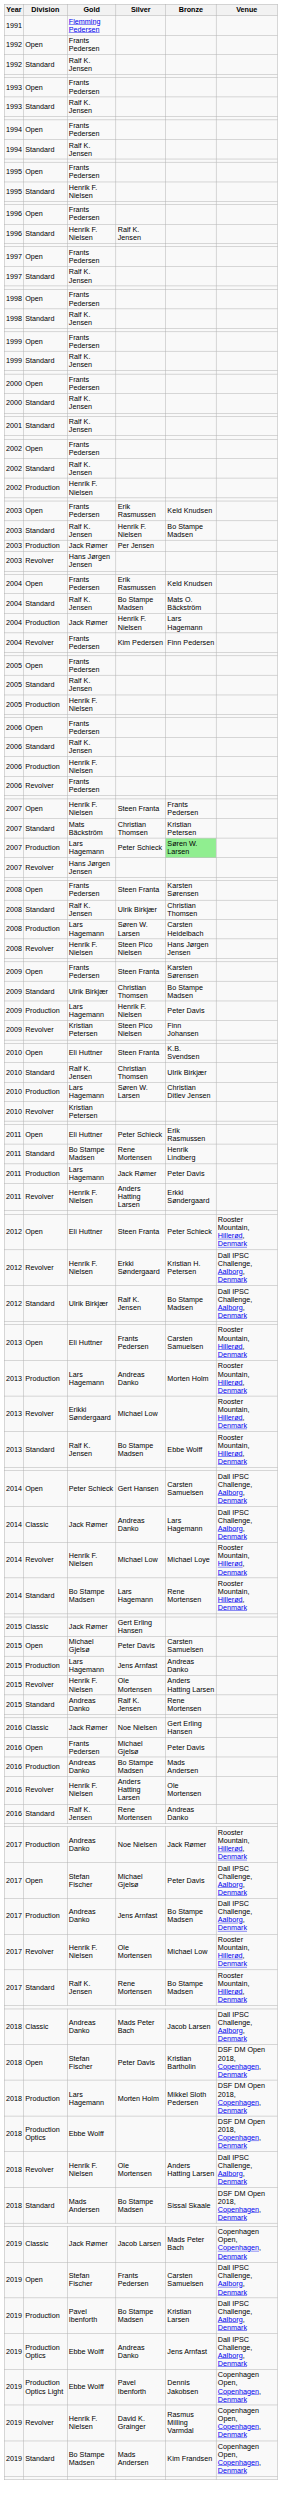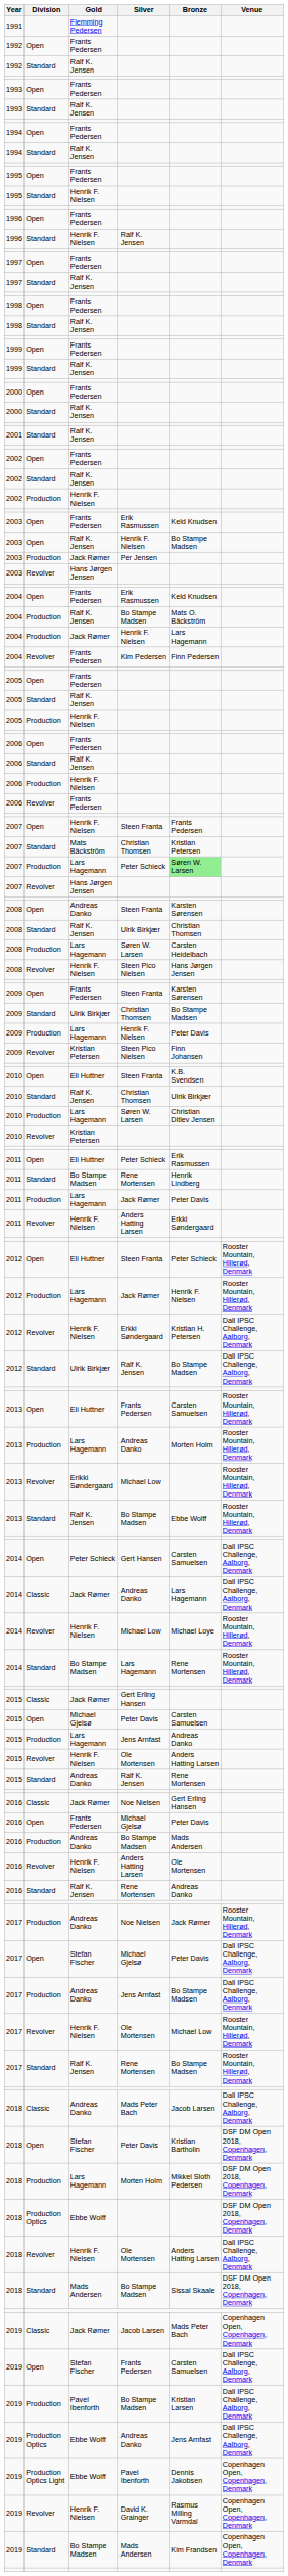 <table class="wikitable sortable" style="text-align: left;">
 <tr>
 <th>Year</th>
 <th>Division</th>
 <th> Gold</th>
 <th> Silver</th>
 <th> Bronze</th>
 <th>Venue</th>
 </tr>
 <tr>
 <td>1991</td>
 <td></td>
 <td><a href='#'>Flemming Pedersen</a></td>
 <td></td>
 <td></td>
 <td></td>
 </tr>
 <tr>
 <td>1992</td>
 <td>Open</td>
 <td>Frants Pedersen</td>
 <td></td>
 <td></td>
 <td></td>
 </tr>
 <tr>
 <td>1992</td>
 <td>Standard</td>
 <td>Ralf K. Jensen</td>
 <td></td>
 <td></td>
 <td></td>
 </tr>
 <tr>
 <td></td>
 <td></td>
 <td></td>
 <td></td>
 <td></td>
 <td></td>
 </tr>
 <tr>
 <td>1993</td>
 <td>Open</td>
 <td>Frants Pedersen</td>
 <td></td>
 <td></td>
 <td></td>
 </tr>
 <tr>
 <td>1993</td>
 <td>Standard</td>
 <td>Ralf K. Jensen</td>
 <td></td>
 <td></td>
 <td></td>
 </tr>
 <tr>
 <td></td>
 <td></td>
 <td></td>
 <td></td>
 <td></td>
 <td></td>
 </tr>
 <tr>
 <td>1994</td>
 <td>Open</td>
 <td>Frants Pedersen</td>
 <td></td>
 <td></td>
 <td></td>
 </tr>
 <tr>
 <td>1994</td>
 <td>Standard</td>
 <td>Ralf K. Jensen</td>
 <td></td>
 <td></td>
 <td></td>
 </tr>
 <tr>
 <td></td>
 <td></td>
 <td></td>
 <td></td>
 <td></td>
 <td></td>
 </tr>
 <tr>
 <td>1995</td>
 <td>Open</td>
 <td>Frants Pedersen</td>
 <td></td>
 <td></td>
 <td></td>
 </tr>
 <tr>
 <td>1995</td>
 <td>Standard</td>
 <td>Henrik F. Nielsen</td>
 <td></td>
 <td></td>
 <td></td>
 </tr>
 <tr>
 <td></td>
 <td></td>
 <td></td>
 <td></td>
 <td></td>
 <td></td>
 </tr>
 <tr>
 <td>1996</td>
 <td>Open</td>
 <td>Frants Pedersen</td>
 <td></td>
 <td></td>
 <td></td>
 </tr>
 <tr>
 <td>1996</td>
 <td>Standard</td>
 <td>Henrik F. Nielsen</td>
 <td>Ralf K. Jensen</td>
 <td></td>
 <td></td>
 </tr>
 <tr>
 <td></td>
 <td></td>
 <td></td>
 <td></td>
 <td></td>
 <td></td>
 </tr>
 <tr>
 <td>1997</td>
 <td>Open</td>
 <td>Frants Pedersen</td>
 <td></td>
 <td></td>
 <td></td>
 </tr>
 <tr>
 <td>1997</td>
 <td>Standard</td>
 <td>Ralf K. Jensen</td>
 <td></td>
 <td></td>
 <td></td>
 </tr>
 <tr>
 <td></td>
 <td></td>
 <td></td>
 <td></td>
 <td></td>
 <td></td>
 </tr>
 <tr>
 <td>1998</td>
 <td>Open</td>
 <td>Frants Pedersen</td>
 <td></td>
 <td></td>
 <td></td>
 </tr>
 <tr>
 <td>1998</td>
 <td>Standard</td>
 <td>Ralf K. Jensen</td>
 <td></td>
 <td></td>
 <td></td>
 </tr>
 <tr>
 <td></td>
 <td></td>
 <td></td>
 <td></td>
 <td></td>
 <td></td>
 </tr>
 <tr>
 <td>1999</td>
 <td>Open</td>
 <td>Frants Pedersen</td>
 <td></td>
 <td></td>
 <td></td>
 </tr>
 <tr>
 <td>1999</td>
 <td>Standard</td>
 <td>Ralf K. Jensen</td>
 <td></td>
 <td></td>
 <td></td>
 </tr>
 <tr>
 <td></td>
 <td></td>
 <td></td>
 <td></td>
 <td></td>
 <td></td>
 </tr>
 <tr>
 <td>2000</td>
 <td>Open</td>
 <td>Frants Pedersen</td>
 <td></td>
 <td></td>
 <td></td>
 </tr>
 <tr>
 <td>2000</td>
 <td>Standard</td>
 <td>Ralf K. Jensen</td>
 <td></td>
 <td></td>
 <td></td>
 </tr>
 <tr>
 <td></td>
 <td></td>
 <td></td>
 <td></td>
 <td></td>
 <td></td>
 </tr>
 <tr>
 <td>2001</td>
 <td>Standard</td>
 <td>Ralf K. Jensen</td>
 <td></td>
 <td></td>
 <td></td>
 </tr>
 <tr>
 <td></td>
 <td></td>
 <td></td>
 <td></td>
 <td></td>
 <td></td>
 </tr>
 <tr>
 <td>2002</td>
 <td>Open</td>
 <td>Frants Pedersen</td>
 <td></td>
 <td></td>
 <td></td>
 </tr>
 <tr>
 <td>2002</td>
 <td>Standard</td>
 <td>Ralf K. Jensen</td>
 <td></td>
 <td></td>
 <td></td>
 </tr>
 <tr>
 <td>2002</td>
 <td>Production</td>
 <td>Henrik F. Nielsen</td>
 <td></td>
 <td></td>
 <td></td>
 </tr>
 <tr>
 <td></td>
 <td></td>
 <td></td>
 <td></td>
 <td></td>
 <td></td>
 </tr>
 <tr>
 <td>2003</td>
 <td>Open</td>
 <td>Frants Pedersen</td>
 <td>Erik Rasmussen</td>
 <td>Keld Knudsen</td>
 <td></td>
 </tr>
 <tr>
 <td>2003</td>
-<td>Standard</td>
+<td>Open</td>
 <td>Ralf K. Jensen</td>
 <td>Henrik F. Nielsen</td>
 <td>Bo Stampe Madsen</td>
 <td></td>
 </tr>
 <tr>
 <td>2003</td>
 <td>Production</td>
 <td>Jack Rømer</td>
 <td>Per Jensen</td>
 <td></td>
 <td></td>
 </tr>
 <tr>
 <td>2003</td>
 <td>Revolver</td>
 <td>Hans Jørgen Jensen</td>
 <td></td>
 <td></td>
 <td></td>
 </tr>
 <tr>
 <td></td>
 <td></td>
 <td></td>
 <td></td>
 <td></td>
 <td></td>
 </tr>
 <tr>
 <td>2004</td>
 <td>Open</td>
 <td>Frants Pedersen</td>
 <td>Erik Rasmussen</td>
 <td>Keld Knudsen</td>
 <td></td>
 </tr>
 <tr>
 <td>2004</td>
-<td>Standard</td>
+<td>Production</td>
 <td>Ralf K. Jensen</td>
 <td>Bo Stampe Madsen</td>
 <td>Mats O. Bäckström</td>
 <td></td>
 </tr>
 <tr>
 <td>2004</td>
 <td>Production</td>
 <td>Jack Rømer</td>
 <td>Henrik F. Nielsen</td>
 <td>Lars Hagemann</td>
 <td></td>
 </tr>
 <tr>
 <td>2004</td>
 <td>Revolver</td>
 <td>Frants Pedersen</td>
 <td>Kim Pedersen</td>
 <td>Finn Pedersen</td>
 <td></td>
 </tr>
 <tr>
 <td></td>
 <td></td>
 <td></td>
 <td></td>
 <td></td>
 <td></td>
 </tr>
 <tr>
 <td>2005</td>
 <td>Open</td>
 <td>Frants Pedersen</td>
 <td></td>
 <td></td>
 <td></td>
 </tr>
 <tr>
 <td>2005</td>
 <td>Standard</td>
 <td>Ralf K. Jensen</td>
 <td></td>
 <td></td>
 <td></td>
 </tr>
 <tr>
 <td>2005</td>
 <td>Production</td>
 <td>Henrik F. Nielsen</td>
 <td></td>
 <td></td>
 <td></td>
 </tr>
 <tr>
 <td></td>
 <td></td>
 <td></td>
 <td></td>
 <td></td>
 <td></td>
 </tr>
 <tr>
 <td>2006</td>
 <td>Open</td>
 <td>Frants Pedersen</td>
 <td></td>
 <td></td>
 <td></td>
 </tr>
 <tr>
 <td>2006</td>
 <td>Standard</td>
 <td>Ralf K. Jensen</td>
 <td></td>
 <td></td>
 <td></td>
 </tr>
 <tr>
 <td>2006</td>
 <td>Production</td>
 <td>Henrik F. Nielsen</td>
 <td></td>
 <td></td>
 <td></td>
 </tr>
 <tr>
 <td>2006</td>
 <td>Revolver</td>
 <td>Frants Pedersen</td>
 <td></td>
 <td></td>
 <td></td>
 </tr>
 <tr>
 <td></td>
 <td></td>
 <td></td>
 <td></td>
 <td></td>
 <td></td>
 </tr>
 <tr>
 <td>2007</td>
 <td>Open</td>
 <td>Henrik F. Nielsen</td>
 <td>Steen Franta</td>
 <td>Frants Pedersen</td>
 <td></td>
 </tr>
 <tr>
 <td>2007</td>
 <td>Standard</td>
 <td>Mats Bäckström</td>
 <td>Christian Thomsen</td>
 <td>Kristian Petersen</td>
 <td></td>
 </tr>
 <tr>
 <td>2007</td>
 <td>Production</td>
 <td>Lars Hagemann</td>
 <td>Peter Schieck</td>
 <td style="background: lightgreen;">Søren W. Larsen</td>
 <td></td>
 </tr>
 <tr>
 <td>2007</td>
 <td>Revolver</td>
 <td>Hans Jørgen Jensen</td>
 <td></td>
 <td></td>
 <td></td>
 </tr>
 <tr>
 <td></td>
 <td></td>
 <td></td>
 <td></td>
 <td></td>
 <td></td>
 </tr>
 <tr>
 <td>2008</td>
 <td>Open</td>
-<td>Frants Pedersen</td>
+<td>Andreas Danko</td>
 <td>Steen Franta</td>
 <td>Karsten Sørensen</td>
 <td></td>
 </tr>
 <tr>
 <td>2008</td>
 <td>Standard</td>
 <td>Ralf K. Jensen</td>
 <td>Ulrik Birkjær</td>
 <td>Christian Thomsen</td>
 <td></td>
 </tr>
 <tr>
 <td>2008</td>
 <td>Production</td>
 <td>Lars Hagemann</td>
 <td>Søren W. Larsen</td>
 <td>Carsten Heidelbach</td>
 <td></td>
 </tr>
 <tr>
 <td>2008</td>
 <td>Revolver</td>
 <td>Henrik F. Nielsen</td>
 <td>Steen Pico Nielsen</td>
 <td>Hans Jørgen Jensen</td>
 <td></td>
 </tr>
 <tr>
 <td></td>
 <td></td>
 <td></td>
 <td></td>
 <td></td>
 <td></td>
 </tr>
 <tr>
 <td>2009</td>
 <td>Open</td>
 <td>Frants Pedersen</td>
 <td>Steen Franta</td>
 <td>Karsten Sørensen</td>
 <td></td>
 </tr>
 <tr>
 <td>2009</td>
 <td>Standard</td>
 <td>Ulrik Birkjær</td>
 <td>Christian Thomsen</td>
 <td>Bo Stampe Madsen</td>
 <td></td>
 </tr>
 <tr>
 <td>2009</td>
 <td>Production</td>
 <td>Lars Hagemann</td>
 <td>Henrik F. Nielsen</td>
 <td>Peter Davis</td>
 <td></td>
 </tr>
 <tr>
 <td>2009</td>
 <td>Revolver</td>
 <td>Kristian Petersen</td>
 <td>Steen Pico Nielsen</td>
 <td>Finn Johansen</td>
 <td></td>
 </tr>
 <tr>
 <td></td>
 <td></td>
 <td></td>
 <td></td>
 <td></td>
 <td></td>
 </tr>
 <tr>
 <td>2010</td>
 <td>Open</td>
 <td>Eli Huttner</td>
 <td>Steen Franta</td>
 <td>K.B. Svendsen</td>
 <td></td>
 </tr>
 <tr>
 <td>2010</td>
 <td>Standard</td>
 <td>Ralf K. Jensen</td>
 <td>Christian Thomsen</td>
 <td>Ulrik Birkjær</td>
 <td></td>
 </tr>
 <tr>
 <td>2010</td>
 <td>Production</td>
 <td>Lars Hagemann</td>
 <td>Søren W. Larsen</td>
 <td>Christian Ditlev Jensen</td>
 <td></td>
 </tr>
 <tr>
 <td>2010</td>
 <td>Revolver</td>
 <td>Kristian Petersen</td>
 <td></td>
 <td></td>
 <td></td>
 </tr>
 <tr>
 <td></td>
 <td></td>
 <td></td>
 <td></td>
 <td></td>
 <td></td>
 </tr>
 <tr>
 <td>2011</td>
 <td>Open</td>
 <td>Eli Huttner</td>
 <td>Peter Schieck</td>
 <td>Erik Rasmussen</td>
 <td></td>
 </tr>
 <tr>
 <td>2011</td>
 <td>Standard</td>
 <td>Bo Stampe Madsen</td>
 <td>Rene Mortensen</td>
 <td>Henrik Lindberg</td>
 <td></td>
 </tr>
 <tr>
 <td>2011</td>
 <td>Production</td>
 <td>Lars Hagemann</td>
 <td>Jack Rømer</td>
 <td>Peter Davis</td>
 <td></td>
 </tr>
 <tr>
 <td>2011</td>
 <td>Revolver</td>
 <td>Henrik F. Nielsen</td>
 <td>Anders Hatting Larsen</td>
 <td>Erkki Søndergaard</td>
 <td></td>
 </tr>
 <tr>
 <td></td>
 <td></td>
 <td></td>
 <td></td>
 <td></td>
 <td></td>
 </tr>
 <tr>
 <td>2012</td>
 <td>Open</td>
 <td>Eli Huttner</td>
 <td>Steen Franta</td>
 <td>Peter Schieck</td>
+<td>Rooster Mountain, <a href='#'>Hillerød</a>, <a href='#'>Denmark</a></td>
+</tr>
+<tr>
+<td>2012</td>
+<td>Production</td>
+<td>Lars Hagemann</td>
+<td>Jack Rømer</td>
+<td>Henrik F. Nielsen</td>
 <td>Rooster Mountain, <a href='#'>Hillerød</a>, <a href='#'>Denmark</a></td>
 </tr>
 <tr>
 <td>2012</td>
 <td>Revolver</td>
 <td>Henrik F. Nielsen</td>
 <td>Erkki Søndergaard</td>
 <td>Kristian H. Petersen</td>
 <td>Dall IPSC Challenge, <a href='#'>Aalborg</a>, <a href='#'>Denmark</a></td>
 </tr>
 <tr>
 <td>2012</td>
 <td>Standard</td>
 <td>Ulrik Birkjær</td>
 <td>Ralf K. Jensen</td>
 <td>Bo Stampe Madsen</td>
 <td>Dall IPSC Challenge, <a href='#'>Aalborg</a>, <a href='#'>Denmark</a></td>
 </tr>
 <tr>
 <td></td>
 <td></td>
 <td></td>
 <td></td>
 <td></td>
 <td></td>
 </tr>
 <tr>
 <td>2013</td>
 <td>Open</td>
 <td>Eli Huttner</td>
 <td>Frants Pedersen</td>
 <td>Carsten Samuelsen</td>
 <td>Rooster Mountain, <a href='#'>Hillerød</a>, <a href='#'>Denmark</a></td>
 </tr>
 <tr>
 <td>2013</td>
 <td>Production</td>
 <td>Lars Hagemann</td>
 <td>Andreas Danko</td>
 <td>Morten Holm</td>
 <td>Rooster Mountain, <a href='#'>Hillerød</a>, <a href='#'>Denmark</a></td>
 </tr>
 <tr>
 <td>2013</td>
 <td>Revolver</td>
 <td>Erikki Søndergaard</td>
 <td>Michael Low</td>
 <td></td>
 <td>Rooster Mountain, <a href='#'>Hillerød</a>, <a href='#'>Denmark</a></td>
 </tr>
 <tr>
 <td>2013</td>
 <td>Standard</td>
 <td>Ralf K. Jensen</td>
 <td>Bo Stampe Madsen</td>
 <td>Ebbe Wolff</td>
 <td>Rooster Mountain, <a href='#'>Hillerød</a>, <a href='#'>Denmark</a></td>
 </tr>
 <tr>
 <td></td>
 <td></td>
 <td></td>
 <td></td>
 <td></td>
 <td></td>
 </tr>
 <tr>
 <td>2014</td>
 <td>Open</td>
 <td>Peter Schieck</td>
 <td>Gert Hansen</td>
 <td>Carsten Samuelsen</td>
 <td>Dall IPSC Challenge, <a href='#'>Aalborg</a>, <a href='#'>Denmark</a></td>
 </tr>
 <tr>
 <td>2014</td>
 <td>Classic</td>
 <td>Jack Rømer</td>
 <td>Andreas Danko</td>
 <td>Lars Hagemann</td>
 <td>Dall IPSC Challenge, <a href='#'>Aalborg</a>, <a href='#'>Denmark</a></td>
 </tr>
 <tr>
 <td>2014</td>
 <td>Revolver</td>
 <td>Henrik F. Nielsen</td>
 <td>Michael Low</td>
 <td>Michael Loye</td>
 <td>Rooster Mountain, <a href='#'>Hillerød</a>, <a href='#'>Denmark</a></td>
 </tr>
 <tr>
 <td>2014</td>
 <td>Standard</td>
 <td>Bo Stampe Madsen</td>
 <td>Lars Hagemann</td>
 <td>Rene Mortensen</td>
 <td>Rooster Mountain, <a href='#'>Hillerød</a>, <a href='#'>Denmark</a></td>
 </tr>
 <tr>
 <td></td>
 <td></td>
 <td></td>
 <td></td>
 <td></td>
 <td></td>
 </tr>
 <tr>
 <td>2015</td>
 <td>Classic</td>
 <td>Jack Rømer</td>
 <td>Gert Erling Hansen</td>
 <td></td>
 <td></td>
 </tr>
 <tr>
 <td>2015</td>
 <td>Open</td>
 <td>Michael Gjelsø</td>
 <td>Peter Davis</td>
 <td>Carsten Samuelsen</td>
 <td></td>
 </tr>
 <tr>
 <td>2015</td>
 <td>Production</td>
 <td>Lars Hagemann</td>
 <td>Jens Arnfast</td>
 <td>Andreas Danko</td>
 <td></td>
 </tr>
 <tr>
 <td>2015</td>
 <td>Revolver</td>
 <td>Henrik F. Nielsen</td>
 <td>Ole Mortensen</td>
 <td>Anders Hatting Larsen</td>
 <td></td>
 </tr>
 <tr>
 <td>2015</td>
 <td>Standard</td>
 <td>Andreas Danko</td>
 <td>Ralf K. Jensen</td>
 <td>Rene Mortensen</td>
 <td></td>
 </tr>
 <tr>
 <td></td>
 <td></td>
 <td></td>
 <td></td>
 <td></td>
 <td></td>
 </tr>
 <tr>
 <td>2016</td>
 <td>Classic</td>
 <td>Jack Rømer</td>
 <td>Noe Nielsen</td>
 <td>Gert Erling Hansen</td>
 <td></td>
 </tr>
 <tr>
 <td>2016</td>
 <td>Open</td>
 <td>Frants Pedersen</td>
 <td>Michael Gjelsø</td>
 <td>Peter Davis</td>
 <td></td>
 </tr>
 <tr>
 <td>2016</td>
 <td>Production</td>
 <td>Andreas Danko</td>
 <td>Bo Stampe Madsen</td>
 <td>Mads Andersen</td>
 <td></td>
 </tr>
 <tr>
 <td>2016</td>
 <td>Revolver</td>
 <td>Henrik F. Nielsen</td>
 <td>Anders Hatting Larsen</td>
 <td>Ole Mortensen</td>
 <td></td>
 </tr>
 <tr>
 <td>2016</td>
 <td>Standard</td>
 <td>Ralf K. Jensen</td>
 <td>Rene Mortensen</td>
 <td>Andreas Danko</td>
 <td></td>
 </tr>
 <tr>
 <td></td>
 </tr>
 <tr>
 <td>2017</td>
 <td>Production</td>
 <td>Andreas Danko</td>
 <td>Noe Nielsen</td>
 <td>Jack Rømer</td>
 <td>Rooster Mountain, <a href='#'>Hillerød</a>, <a href='#'>Denmark</a></td>
 </tr>
 <tr>
 <td>2017</td>
 <td>Open</td>
 <td>Stefan Fischer</td>
 <td>Michael Gjelsø</td>
 <td>Peter Davis</td>
 <td>Dall IPSC Challenge, <a href='#'>Aalborg</a>, <a href='#'>Denmark</a></td>
 </tr>
 <tr>
 <td>2017</td>
 <td>Production</td>
 <td>Andreas Danko</td>
 <td>Jens Arnfast</td>
 <td>Bo Stampe Madsen</td>
 <td>Dall IPSC Challenge, <a href='#'>Aalborg</a>, <a href='#'>Denmark</a></td>
 </tr>
 <tr>
 <td>2017</td>
 <td>Revolver</td>
 <td>Henrik F. Nielsen</td>
 <td>Ole Mortensen</td>
 <td>Michael Low</td>
 <td>Rooster Mountain, <a href='#'>Hillerød</a>, <a href='#'>Denmark</a></td>
 </tr>
 <tr>
 <td>2017</td>
 <td>Standard</td>
 <td>Ralf K. Jensen</td>
 <td>Rene Mortensen</td>
 <td>Bo Stampe Madsen</td>
 <td>Rooster Mountain, <a href='#'>Hillerød</a>, <a href='#'>Denmark</a></td>
 </tr>
 <tr>
 <td></td>
 </tr>
 <tr>
 <td>2018</td>
 <td>Classic</td>
 <td>Andreas Danko</td>
 <td>Mads Peter Bach</td>
 <td>Jacob Larsen</td>
 <td>Dall IPSC Challenge, <a href='#'>Aalborg</a>, <a href='#'>Denmark</a></td>
 </tr>
 <tr>
 <td>2018</td>
 <td>Open</td>
 <td>Stefan Fischer</td>
 <td>Peter Davis</td>
 <td>Kristian Bartholin</td>
 <td>DSF DM Open 2018, <a href='#'>Copenhagen</a>, <a href='#'>Denmark</a></td>
 </tr>
 <tr>
 <td>2018</td>
 <td>Production</td>
 <td>Lars Hagemann</td>
 <td>Morten Holm</td>
 <td>Mikkel Sloth Pedersen</td>
 <td>DSF DM Open 2018, <a href='#'>Copenhagen</a>, <a href='#'>Denmark</a></td>
 </tr>
 <tr>
 <td>2018</td>
 <td>Production Optics</td>
 <td>Ebbe Wolff</td>
 <td></td>
 <td></td>
 <td>DSF DM Open 2018, <a href='#'>Copenhagen</a>, <a href='#'>Denmark</a></td>
 </tr>
 <tr>
 <td>2018</td>
 <td>Revolver</td>
 <td>Henrik F. Nielsen</td>
 <td>Ole Mortensen</td>
 <td>Anders Hatting Larsen</td>
 <td>Dall IPSC Challenge, <a href='#'>Aalborg</a>, <a href='#'>Denmark</a></td>
 </tr>
 <tr>
 <td>2018</td>
 <td>Standard</td>
 <td>Mads Andersen</td>
 <td>Bo Stampe Madsen</td>
 <td>Sissal Skaale</td>
 <td>DSF DM Open 2018, <a href='#'>Copenhagen</a>, <a href='#'>Denmark</a></td>
 </tr>
 <tr>
 <td></td>
 </tr>
 <tr>
 <td>2019</td>
 <td>Classic</td>
 <td>Jack Rømer</td>
 <td>Jacob Larsen</td>
 <td>Mads Peter Bach</td>
 <td>Copenhagen Open, <a href='#'>Copenhagen</a>, <a href='#'>Denmark</a></td>
 </tr>
 <tr>
 <td>2019</td>
 <td>Open</td>
 <td>Stefan Fischer</td>
 <td>Frants Pedersen</td>
 <td>Carsten Samuelsen</td>
 <td>Dall IPSC Challenge, <a href='#'>Aalborg</a>, <a href='#'>Denmark</a></td>
 </tr>
 <tr>
 <td>2019</td>
 <td>Production</td>
 <td>Pavel Ibenforth</td>
 <td>Bo Stampe Madsen</td>
 <td>Kristian Larsen</td>
 <td>Dall IPSC Challenge, <a href='#'>Aalborg</a>, <a href='#'>Denmark</a></td>
 </tr>
 <tr>
 <td>2019</td>
 <td>Production Optics</td>
 <td>Ebbe Wolff</td>
 <td>Andreas Danko</td>
 <td>Jens Arnfast</td>
 <td>Dall IPSC Challenge, <a href='#'>Aalborg</a>, <a href='#'>Denmark</a></td>
 </tr>
 <tr>
 <td>2019</td>
 <td>Production Optics Light</td>
 <td>Ebbe Wolff</td>
 <td>Pavel Ibenforth</td>
 <td>Dennis Jakobsen</td>
 <td>Copenhagen Open, <a href='#'>Copenhagen</a>, <a href='#'>Denmark</a></td>
 </tr>
 <tr>
 <td>2019</td>
 <td>Revolver</td>
 <td>Henrik F. Nielsen</td>
 <td>David K. Grainger</td>
 <td>Rasmus Milling Varmdal</td>
 <td>Copenhagen Open, <a href='#'>Copenhagen</a>, <a href='#'>Denmark</a></td>
 </tr>
 <tr>
 <td>2019</td>
 <td>Standard</td>
 <td>Bo Stampe Madsen</td>
 <td>Mads Andersen</td>
 <td>Kim Frandsen</td>
 <td>Copenhagen Open, <a href='#'>Copenhagen</a>, <a href='#'>Denmark</a></td>
 </tr>
 <tr>
 <td></td>
 <td></td>
 <td></td>
 <td></td>
 <td></td>
 <td></td>
 </tr>
 </table>
